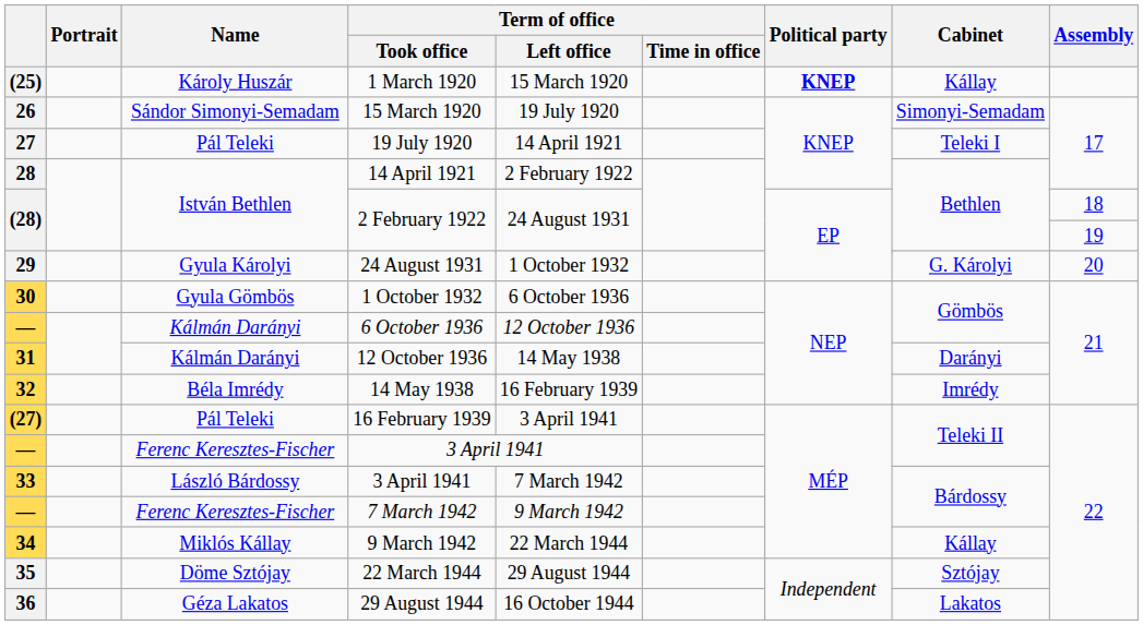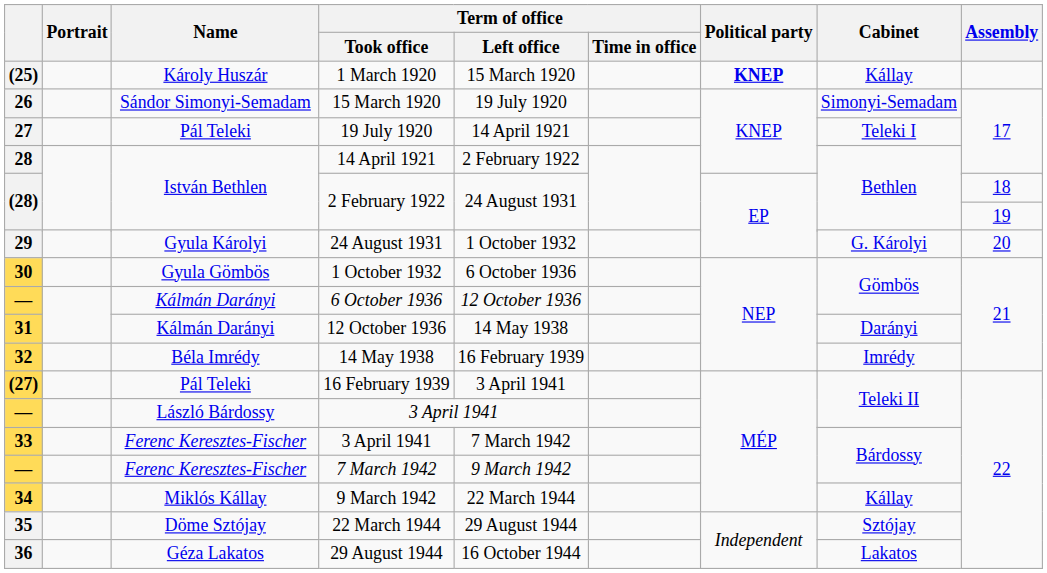 <table class="wikitable" style="text-align:center;">
 <tr>
 <th rowspan=2></th>
 <th rowspan=2>Portrait</th>
 <th width=20% rowspan=2>Name<br></th>
 <th colspan=3>Term of office</th>
 <th rowspan=2>Political party</th>
 <th rowspan=2>Cabinet</th>
 <th rowspan=2><a href='#'>Assembly</a><br></th>
 </tr>
 <tr>
 <th>Took office</th>
 <th>Left office</th>
 <th>Time in office</th>
 </tr>
 <tr>
 <th style="background:">(25)</th>
 <td></td>
 <td><a href='#'>Károly Huszár</a><br></td>
 <td>1 March 1920</td>
 <td>15 March 1920</td>
 <td></td>
 <td><strong><a href='#'>KNEP</a></strong></td>
 <td><a href='#'>Kállay</a><br></td>
 </tr>
 <tr>
 <th style="background:">26</th>
 <td></td>
 <td><a href='#'>Sándor Simonyi-Semadam</a><br></td>
 <td>15 March 1920</td>
 <td>19 July 1920</td>
 <td></td>
 <td rowspan=3><a href='#'>KNEP</a></td>
 <td><a href='#'>Simonyi-Semadam</a><br></td>
 <td rowspan=4><a href='#'>17 </a></td>
 </tr>
 <tr>
 <th style="background:">27</th>
 <td></td>
 <td><a href='#'>Pál Teleki</a><br></td>
 <td>19 July 1920</td>
 <td>14 April 1921</td>
 <td></td>
 <td><a href='#'>Teleki I</a><br></td>
 </tr>
 <tr>
 <th style="background:">28</th>
 <td rowspan=5></td>
 <td rowspan=5><a href='#'>István Bethlen</a><br></td>
 <td>14 April 1921</td>
 <td>2 February 1922</td>
 <td rowspan=5></td>
 <td rowspan=5><a href='#'>Bethlen</a><br></td>
 </tr>
 <tr>
 <th rowspan=4 style="background:">(28)</th>
 <td rowspan=4>2 February 1922</td>
 <td rowspan=4>24 August 1931</td>
 <td rowspan=5><a href='#'>EP</a></td>
 </tr>
 <tr>
 <td><a href='#'>18 </a></td>
 </tr>
 <tr>
 <td><a href='#'>19 </a></td>
 </tr>
 <tr>
 <td rowspan=3><a href='#'>20 </a></td>
 </tr>
 <tr>
 <th style="background:">29</th>
 <td></td>
 <td><a href='#'>Gyula Károlyi</a><br></td>
 <td>24 August 1931</td>
 <td>1 October 1932</td>
 <td></td>
 <td><a href='#'>G. Károlyi</a><br></td>
 </tr>
 <tr>
 <th rowspan=2 style="background:#FFDB58; color:black;">30</th>
 <td rowspan=2></td>
 <td rowspan=2><a href='#'>Gyula Gömbös</a><br></td>
 <td rowspan=2>1 October 1932</td>
 <td rowspan=2>6 October 1936<br></td>
 <td rowspan=2></td>
 <td rowspan=5><a href='#'>NEP</a></td>
 <td rowspan=3><a href='#'>Gömbös</a><br></td>
 </tr>
 <tr>
 <td rowspan=5><a href='#'>21 </a></td>
 </tr>
 <tr>
 <th style="background:#FFDB58; color:black;">—</th>
 <td rowspan=2></td>
 <td><em><a href='#'>Kálmán Darányi</a></em><br></td>
 <td><em>6 October 1936</em></td>
 <td><em>12 October 1936</em></td>
 <td><em></em></td>
 </tr>
 <tr>
 <th style="background:#FFDB58; color:black;">31</th>
 <td><a href='#'>Kálmán Darányi</a><br></td>
 <td>12 October 1936</td>
 <td>14 May 1938</td>
 <td></td>
 <td><a href='#'>Darányi</a><br></td>
 </tr>
 <tr>
 <th style="background:#FFDB58; color:black;">32</th>
 <td></td>
 <td><a href='#'>Béla Imrédy</a><br></td>
 <td>14 May 1938</td>
 <td>16 February 1939</td>
 <td></td>
 <td><a href='#'>Imrédy</a><br></td>
 </tr>
 <tr>
 <th rowspan=2 style="background:#FFDB58; color:black;">(27)</th>
 <td rowspan=2></td>
 <td rowspan=2><a href='#'>Pál Teleki</a><br></td>
 <td rowspan=2>16 February 1939</td>
 <td rowspan=2>3 April 1941<br></td>
 <td rowspan=2></td>
 <td rowspan=6><a href='#'>MÉP</a></td>
 <td rowspan=3><a href='#'>Teleki II</a><br></td>
 </tr>
 <tr>
 <td rowspan=7><a href='#'>22 </a></td>
 </tr>
 <tr>
 <th style="background:#FFDB58; color:black;">—</th>
 <td></td>
-<td><em><a href='#'>Ferenc Keresztes-Fischer</a></em><br></td>
+<td><a href='#'>László Bárdossy</a><br></td>
 <td colspan=2><em>3 April 1941</em></td>
 <td><em></em></td>
 </tr>
 <tr>
 <th style="background:#FFDB58; color:black;">33</th>
 <td></td>
-<td><a href='#'>László Bárdossy</a><br></td>
+<td><em><a href='#'>Ferenc Keresztes-Fischer</a></em><br></td>
 <td>3 April 1941</td>
 <td>7 March 1942</td>
 <td></td>
 <td rowspan=2><a href='#'>Bárdossy</a><br></td>
 </tr>
 <tr>
 <th style="background:#FFDB58; color:black;">—</th>
 <td></td>
 <td><em><a href='#'>Ferenc Keresztes-Fischer</a></em><br></td>
 <td><em>7 March 1942</em></td>
 <td><em>9 March 1942</em></td>
 <td><em></em></td>
 </tr>
 <tr>
 <th style="background:#FFDB58; color:black;">34</th>
 <td></td>
 <td><a href='#'>Miklós Kállay</a><br></td>
 <td>9 March 1942</td>
 <td>22 March 1944<br></td>
 <td></td>
 <td><a href='#'>Kállay</a><br></td>
 </tr>
 <tr>
 <th style="background:">35</th>
 <td></td>
 <td><a href='#'>Döme Sztójay</a><br></td>
 <td>22 March 1944</td>
 <td>29 August 1944</td>
 <td></td>
 <td rowspan=2><em>Independent</em></td>
 <td><a href='#'>Sztójay</a><br></td>
 </tr>
 <tr>
 <th style="background:">36</th>
 <td></td>
 <td><a href='#'>Géza Lakatos</a><br></td>
 <td>29 August 1944</td>
 <td>16 October 1944<br></td>
 <td></td>
 <td><a href='#'>Lakatos</a><br></td>
 </tr>
 </table>
